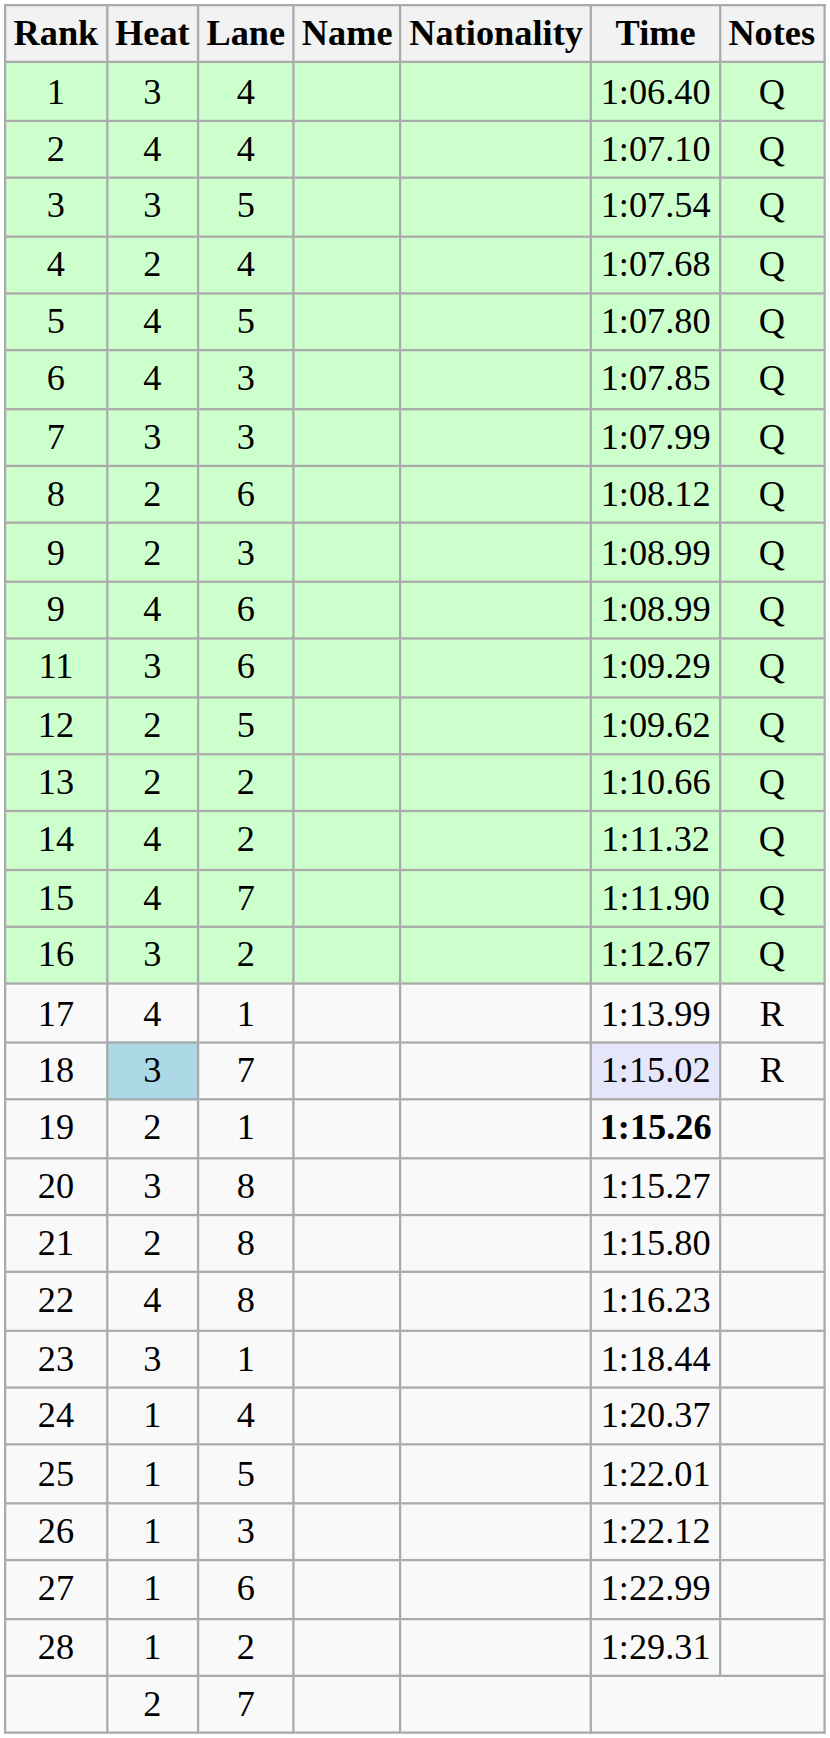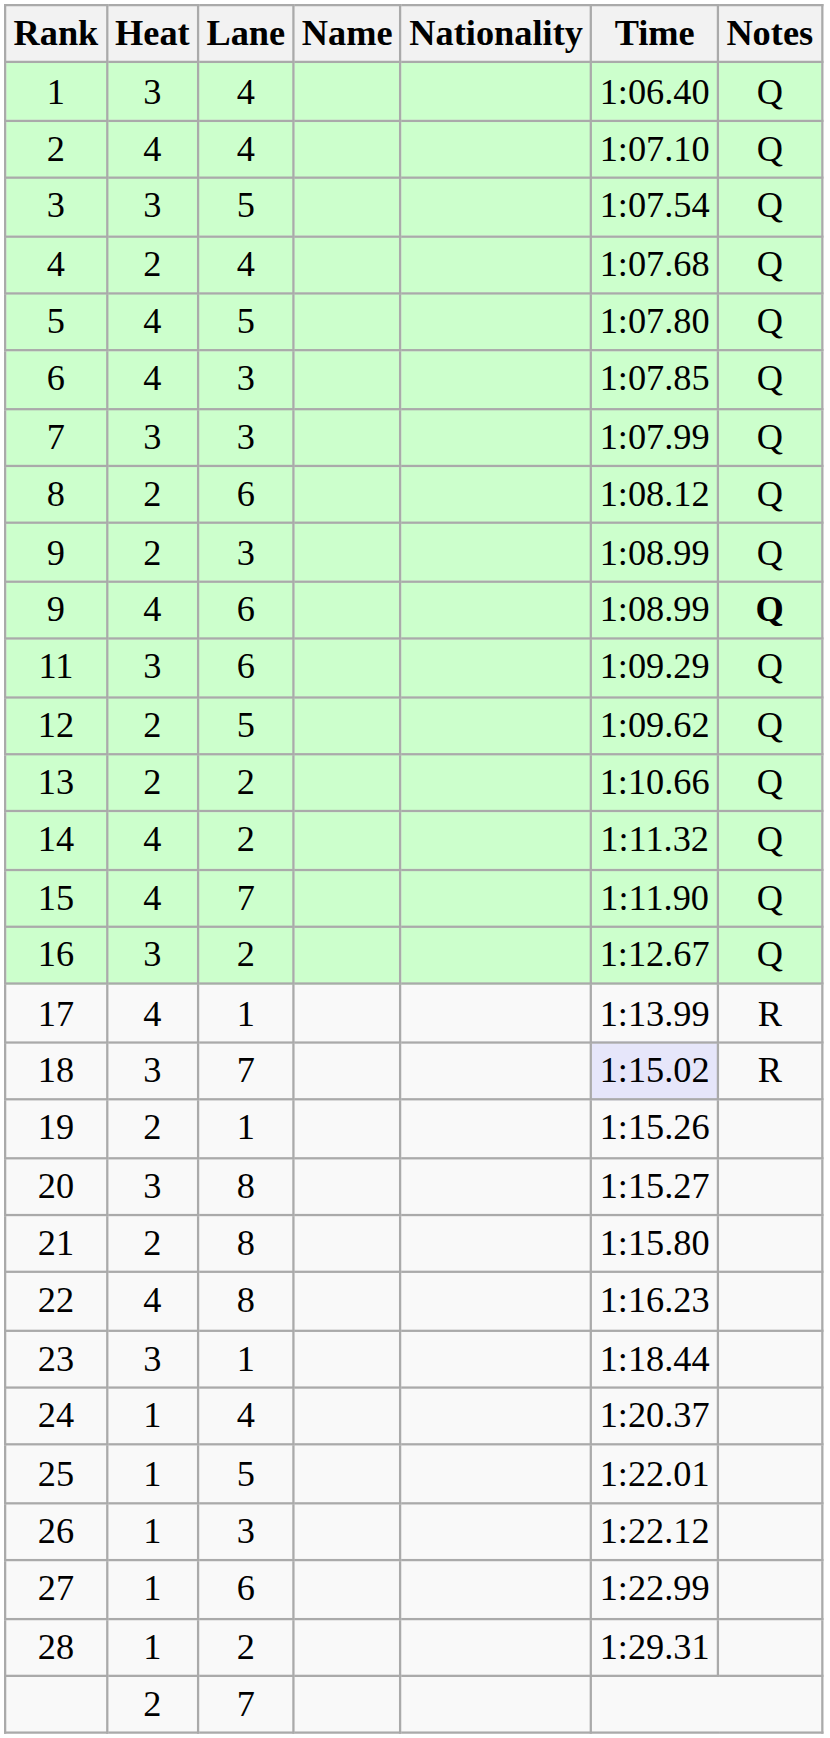 <table class="wikitable sortable" style="text-align:center">
 <tr>
 <th>Rank</th>
 <th>Heat</th>
 <th>Lane</th>
 <th>Name</th>
 <th>Nationality</th>
 <th>Time</th>
 <th>Notes</th>
 </tr>
 <tr bgcolor=ccffcc>
 <td>1</td>
 <td>3</td>
 <td>4</td>
 <td align=left></td>
 <td align=left></td>
 <td>1:06.40</td>
 <td>Q</td>
 </tr>
 <tr bgcolor=ccffcc>
 <td>2</td>
 <td>4</td>
 <td>4</td>
 <td align=left></td>
 <td align=left></td>
 <td>1:07.10</td>
 <td>Q</td>
 </tr>
 <tr bgcolor=ccffcc>
 <td>3</td>
 <td>3</td>
 <td>5</td>
 <td align=left></td>
 <td align=left></td>
 <td>1:07.54</td>
 <td>Q</td>
 </tr>
 <tr bgcolor=ccffcc>
 <td>4</td>
 <td>2</td>
 <td>4</td>
 <td align=left></td>
 <td align=left></td>
 <td>1:07.68</td>
 <td>Q</td>
 </tr>
 <tr bgcolor=ccffcc>
 <td>5</td>
 <td>4</td>
 <td>5</td>
 <td align=left></td>
 <td align=left></td>
 <td>1:07.80</td>
 <td>Q</td>
 </tr>
 <tr bgcolor=ccffcc>
 <td>6</td>
 <td>4</td>
 <td>3</td>
 <td align=left></td>
 <td align=left></td>
 <td>1:07.85</td>
 <td>Q</td>
 </tr>
 <tr bgcolor=ccffcc>
 <td>7</td>
 <td>3</td>
 <td>3</td>
 <td align=left></td>
 <td align=left></td>
 <td>1:07.99</td>
 <td>Q</td>
 </tr>
 <tr bgcolor=ccffcc>
 <td>8</td>
 <td>2</td>
 <td>6</td>
 <td align=left></td>
 <td align=left></td>
 <td>1:08.12</td>
 <td>Q</td>
 </tr>
 <tr bgcolor=ccffcc>
 <td>9</td>
 <td>2</td>
 <td>3</td>
 <td align=left></td>
 <td align=left></td>
 <td>1:08.99</td>
 <td>Q</td>
 </tr>
 <tr bgcolor=ccffcc>
 <td>9</td>
 <td>4</td>
 <td>6</td>
 <td align=left></td>
 <td align=left></td>
 <td>1:08.99</td>
-<td>Q</td>
+<td><strong>Q</strong></td>
 </tr>
 <tr bgcolor=ccffcc>
 <td>11</td>
 <td>3</td>
 <td>6</td>
 <td align=left></td>
 <td align=left></td>
 <td>1:09.29</td>
 <td>Q</td>
 </tr>
 <tr bgcolor=ccffcc>
 <td>12</td>
 <td>2</td>
 <td>5</td>
 <td align=left></td>
 <td align=left></td>
 <td>1:09.62</td>
 <td>Q</td>
 </tr>
 <tr bgcolor=ccffcc>
 <td>13</td>
 <td>2</td>
 <td>2</td>
 <td align=left></td>
 <td align=left></td>
 <td>1:10.66</td>
 <td>Q</td>
 </tr>
 <tr bgcolor=ccffcc>
 <td>14</td>
 <td>4</td>
 <td>2</td>
 <td align=left></td>
 <td align=left></td>
 <td>1:11.32</td>
 <td>Q</td>
 </tr>
 <tr bgcolor=ccffcc>
 <td>15</td>
 <td>4</td>
 <td>7</td>
 <td align=left></td>
 <td align=left></td>
 <td>1:11.90</td>
 <td>Q</td>
 </tr>
 <tr bgcolor=ccffcc>
 <td>16</td>
 <td>3</td>
 <td>2</td>
 <td align=left></td>
 <td align=left></td>
 <td>1:12.67</td>
 <td>Q</td>
 </tr>
 <tr>
 <td>17</td>
 <td>4</td>
 <td>1</td>
 <td align=left></td>
 <td align=left></td>
 <td>1:13.99</td>
 <td>R</td>
 </tr>
 <tr>
 <td>18</td>
-<td style="background: lightblue;">3</td>
+<td>3</td>
 <td>7</td>
 <td align=left></td>
 <td align=left></td>
 <td style="background: lavender;">1:15.02</td>
 <td>R</td>
 </tr>
 <tr>
 <td>19</td>
 <td>2</td>
 <td>1</td>
 <td align=left></td>
 <td align=left></td>
-<td><strong>1:15.26</strong></td>
+<td>1:15.26</td>
 <td></td>
 </tr>
 <tr>
 <td>20</td>
 <td>3</td>
 <td>8</td>
 <td align=left></td>
 <td align=left></td>
 <td>1:15.27</td>
 <td></td>
 </tr>
 <tr>
 <td>21</td>
 <td>2</td>
 <td>8</td>
 <td align=left></td>
 <td align=left></td>
 <td>1:15.80</td>
 <td></td>
 </tr>
 <tr>
 <td>22</td>
 <td>4</td>
 <td>8</td>
 <td align=left></td>
 <td align=left></td>
 <td>1:16.23</td>
 <td></td>
 </tr>
 <tr>
 <td>23</td>
 <td>3</td>
 <td>1</td>
 <td align=left></td>
 <td align=left></td>
 <td>1:18.44</td>
 <td></td>
 </tr>
 <tr>
 <td>24</td>
 <td>1</td>
 <td>4</td>
 <td align=left></td>
 <td align=left></td>
 <td>1:20.37</td>
 <td></td>
 </tr>
 <tr>
 <td>25</td>
 <td>1</td>
 <td>5</td>
 <td align=left></td>
 <td align=left></td>
 <td>1:22.01</td>
 <td></td>
 </tr>
 <tr>
 <td>26</td>
 <td>1</td>
 <td>3</td>
 <td align=left></td>
 <td align=left></td>
 <td>1:22.12</td>
 <td></td>
 </tr>
 <tr>
 <td>27</td>
 <td>1</td>
 <td>6</td>
 <td align=left></td>
 <td align=left></td>
 <td>1:22.99</td>
 <td></td>
 </tr>
 <tr>
 <td>28</td>
 <td>1</td>
 <td>2</td>
 <td align=left></td>
 <td align=left></td>
 <td>1:29.31</td>
 <td></td>
 </tr>
 <tr>
 <td></td>
 <td>2</td>
 <td>7</td>
 <td align=left></td>
 <td align=left></td>
 <td colspan=2></td>
 </tr>
 </table>
